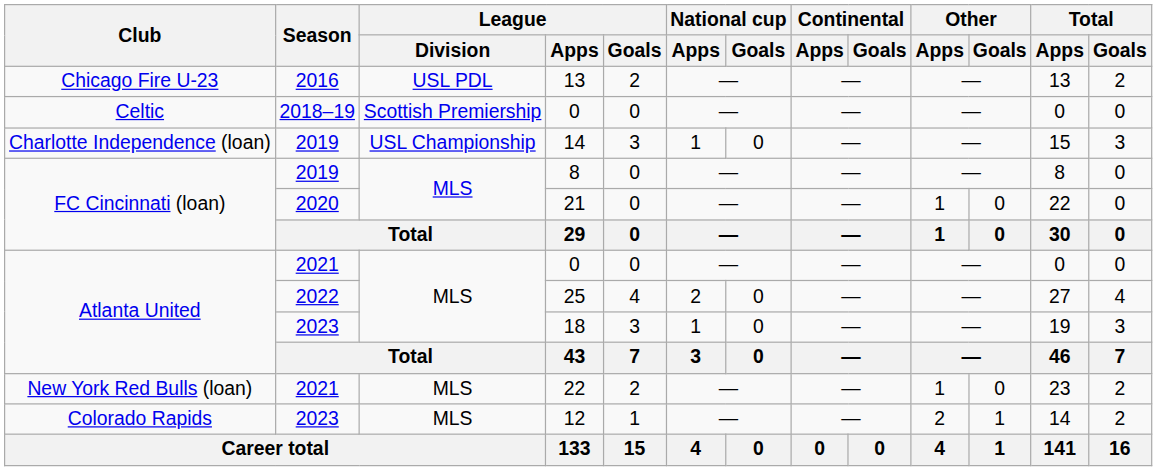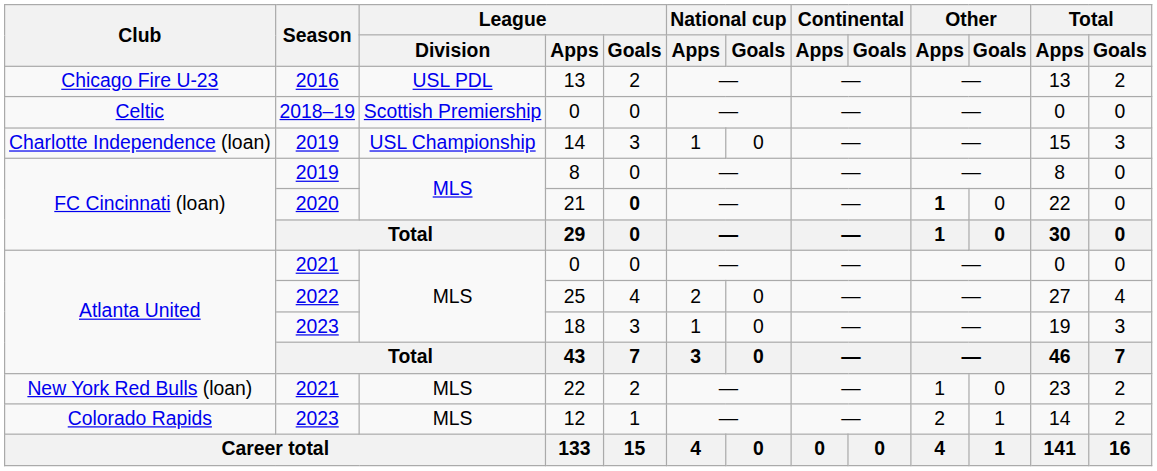 <table class=wikitable style=text-align:center>
 <tr>
 <th rowspan=2>Club</th>
 <th rowspan=2>Season</th>
 <th colspan=3>League</th>
 <th colspan=2>National cup</th>
 <th colspan=2>Continental</th>
 <th colspan=2>Other</th>
 <th colspan=2>Total</th>
 </tr>
 <tr>
 <th>Division</th>
 <th>Apps</th>
 <th>Goals</th>
 <th>Apps</th>
 <th>Goals</th>
 <th>Apps</th>
 <th>Goals</th>
 <th>Apps</th>
 <th>Goals</th>
 <th>Apps</th>
 <th>Goals</th>
 </tr>
 <tr>
 <td rowspan=1><a href='#'>Chicago Fire U-23</a></td>
 <td><a href='#'>2016</a></td>
 <td><a href='#'>USL PDL</a></td>
 <td>13</td>
 <td>2</td>
 <td colspan="2">—</td>
 <td colspan="2">—</td>
 <td colspan="2">—</td>
 <td>13</td>
 <td>2</td>
 </tr>
 <tr>
 <td rowspan=1><a href='#'>Celtic</a></td>
 <td><a href='#'>2018–19</a></td>
 <td><a href='#'>Scottish Premiership</a></td>
 <td>0</td>
 <td>0</td>
 <td colspan="2">—</td>
 <td colspan="2">—</td>
 <td colspan="2">—</td>
 <td>0</td>
 <td>0</td>
 </tr>
 <tr>
 <td rowspan=1><a href='#'>Charlotte Independence</a> (loan)</td>
 <td><a href='#'>2019</a></td>
 <td><a href='#'>USL Championship</a></td>
 <td>14</td>
 <td>3</td>
 <td>1</td>
 <td>0</td>
 <td colspan="2">—</td>
 <td colspan="2">—</td>
 <td>15</td>
 <td>3</td>
 </tr>
 <tr>
 <td rowspan=3><a href='#'>FC Cincinnati</a> (loan)</td>
 <td><a href='#'>2019</a></td>
 <td rowspan=2><a href='#'>MLS</a></td>
 <td>8</td>
 <td>0</td>
 <td colspan="2">—</td>
 <td colspan="2">—</td>
 <td colspan="2">—</td>
 <td>8</td>
 <td>0</td>
 </tr>
 <tr>
 <td><a href='#'>2020</a></td>
 <td>21</td>
-<td>0</td>
+<td><strong>0</strong></td>
 <td colspan="2">—</td>
 <td colspan="2">—</td>
-<td>1</td>
+<td><strong>1</strong></td>
 <td>0</td>
 <td>22</td>
 <td>0</td>
 </tr>
 <tr>
 <th colspan=2>Total</th>
 <th>29</th>
 <th>0</th>
 <th colspan="2">—</th>
 <th colspan="2">—</th>
 <th>1</th>
 <th>0</th>
 <th>30</th>
 <th>0</th>
 </tr>
 <tr>
 <td rowspan=4><a href='#'>Atlanta United</a></td>
 <td><a href='#'>2021</a></td>
 <td rowspan=3>MLS</td>
 <td>0</td>
 <td>0</td>
 <td colspan="2">—</td>
 <td colspan="2">—</td>
 <td colspan="2">—</td>
 <td>0</td>
 <td>0</td>
 </tr>
 <tr>
 <td><a href='#'>2022</a></td>
 <td>25</td>
 <td>4</td>
 <td>2</td>
 <td>0</td>
 <td colspan="2">—</td>
 <td colspan="2">—</td>
 <td>27</td>
 <td>4</td>
 </tr>
 <tr>
 <td><a href='#'>2023</a></td>
 <td>18</td>
 <td>3</td>
 <td>1</td>
 <td>0</td>
 <td colspan="2">—</td>
 <td colspan="2">—</td>
 <td>19</td>
 <td>3</td>
 </tr>
 <tr>
 <th colspan=2>Total</th>
 <th>43</th>
 <th>7</th>
 <th>3</th>
 <th>0</th>
 <th colspan="2">—</th>
 <th colspan="2">—</th>
 <th>46</th>
 <th>7</th>
 </tr>
 <tr>
 <td><a href='#'>New York Red Bulls</a> (loan)</td>
 <td><a href='#'>2021</a></td>
 <td>MLS</td>
 <td>22</td>
 <td>2</td>
 <td colspan="2">—</td>
 <td colspan="2">—</td>
 <td>1</td>
 <td>0</td>
 <td>23</td>
 <td>2</td>
 </tr>
 <tr>
 <td rowspan=1><a href='#'>Colorado Rapids</a></td>
 <td><a href='#'>2023</a></td>
 <td rowspan=1>MLS</td>
 <td>12</td>
 <td>1</td>
 <td colspan="2">—</td>
 <td colspan="2">—</td>
 <td>2</td>
 <td>1</td>
 <td>14</td>
 <td>2</td>
 </tr>
 <tr>
 <th colspan=3>Career total</th>
 <th>133</th>
 <th>15</th>
 <th>4</th>
 <th>0</th>
 <th>0</th>
 <th>0</th>
 <th>4</th>
 <th>1</th>
 <th>141</th>
 <th>16</th>
 </tr>
 </table>
